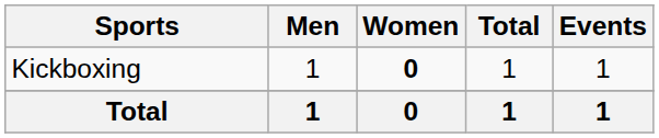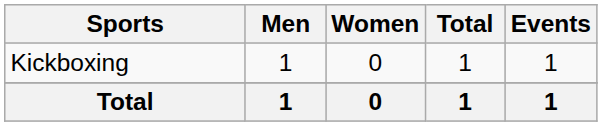 <table class="wikitable sortable" style="text-align:center;">
 <tr>
 <th width=150>Sports</th>
 <th width=45>Men</th>
 <th width=45>Women</th>
 <th width=45>Total</th>
 <th width=45>Events</th>
 </tr>
 <tr>
 <td align=left>Kickboxing</td>
 <td>1</td>
-<td><strong>0</strong></td>
+<td>0</td>
 <td>1</td>
 <td>1</td>
 </tr>
 <tr>
 </tr>
 <tr class="sortbottom">
 <th>Total</th>
 <th>1</th>
 <th>0</th>
 <th>1</th>
 <th>1</th>
 </tr>
 </table>
